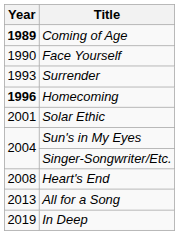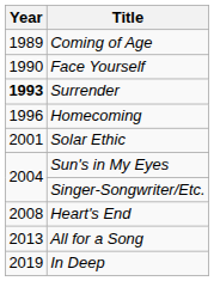 <table class="wikitable">
 <tr>
 <th>Year</th>
 <th>Title</th>
 </tr>
 <tr>
-<td><strong>1989</strong></td>
+<td>1989</td>
 <td><em>Coming of Age</em></td>
 </tr>
 <tr>
 <td>1990</td>
 <td><em>Face Yourself</em></td>
 </tr>
 <tr>
-<td>1993</td>
+<td><strong>1993</strong></td>
 <td><em>Surrender</em></td>
 </tr>
 <tr>
-<td><strong>1996</strong></td>
+<td>1996</td>
 <td><em>Homecoming</em></td>
 </tr>
 <tr>
 <td>2001</td>
 <td><em>Solar Ethic</em></td>
 </tr>
 <tr>
 <td rowspan="2">2004</td>
 <td><em>Sun's in My Eyes</em></td>
 </tr>
 <tr>
 <td><em>Singer-Songwriter/Etc.</em></td>
 </tr>
 <tr>
 <td>2008</td>
 <td><em>Heart's End</em></td>
 </tr>
 <tr>
 <td>2013</td>
 <td><em>All for a Song</em></td>
 </tr>
 <tr>
 <td>2019</td>
 <td><em>In Deep</em></td>
 </tr>
 </table>
